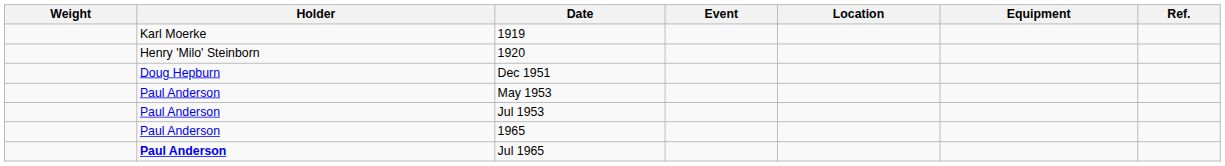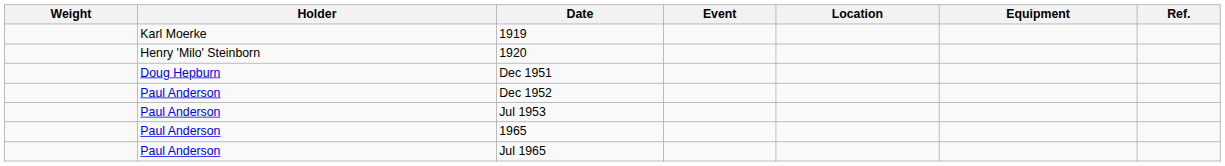 <table class="wikitable sortable" style="display: inline-table;width: 125%;">
 <tr>
 <th scope="col">Weight</th>
 <th scope="col">Holder</th>
 <th scope="col" class="unsortable">Date</th>
 <th scope="col" class="unsortable">Event</th>
 <th scope="col">Location</th>
 <th scope="col" class="unsortable">Equipment</th>
 <th scope="col" class="unsortable">Ref.</th>
 </tr>
 <tr>
 <td></td>
 <td> Karl Moerke</td>
 <td>1919</td>
 <td></td>
 <td></td>
 <td></td>
 <td></td>
 </tr>
 <tr>
 <td></td>
 <td> Henry 'Milo' Steinborn</td>
 <td>1920</td>
 <td></td>
 <td></td>
 <td></td>
 <td></td>
 </tr>
 <tr>
 <td></td>
 <td> <a href='#'>Doug Hepburn</a></td>
 <td>Dec 1951</td>
 <td></td>
 <td></td>
 <td></td>
 <td></td>
 </tr>
 <tr>
 <td></td>
 <td> <a href='#'>Paul Anderson</a></td>
-<td>May 1953</td>
+<td>Dec 1952</td>
 <td></td>
 <td></td>
 <td></td>
 <td></td>
 </tr>
 <tr>
 <td></td>
 <td> <a href='#'>Paul Anderson</a></td>
 <td>Jul 1953</td>
 <td></td>
 <td></td>
 <td></td>
 <td></td>
 </tr>
 <tr>
 <td></td>
 <td> <a href='#'>Paul Anderson</a></td>
 <td>1965</td>
 <td></td>
 <td></td>
 <td></td>
 <td></td>
 </tr>
 <tr>
 <td></td>
-<td><strong> <a href='#'>Paul Anderson</a></strong></td>
+<td> <a href='#'>Paul Anderson</a></td>
 <td>Jul 1965</td>
 <td></td>
 <td></td>
 <td></td>
 <td></td>
 </tr>
 </table>
